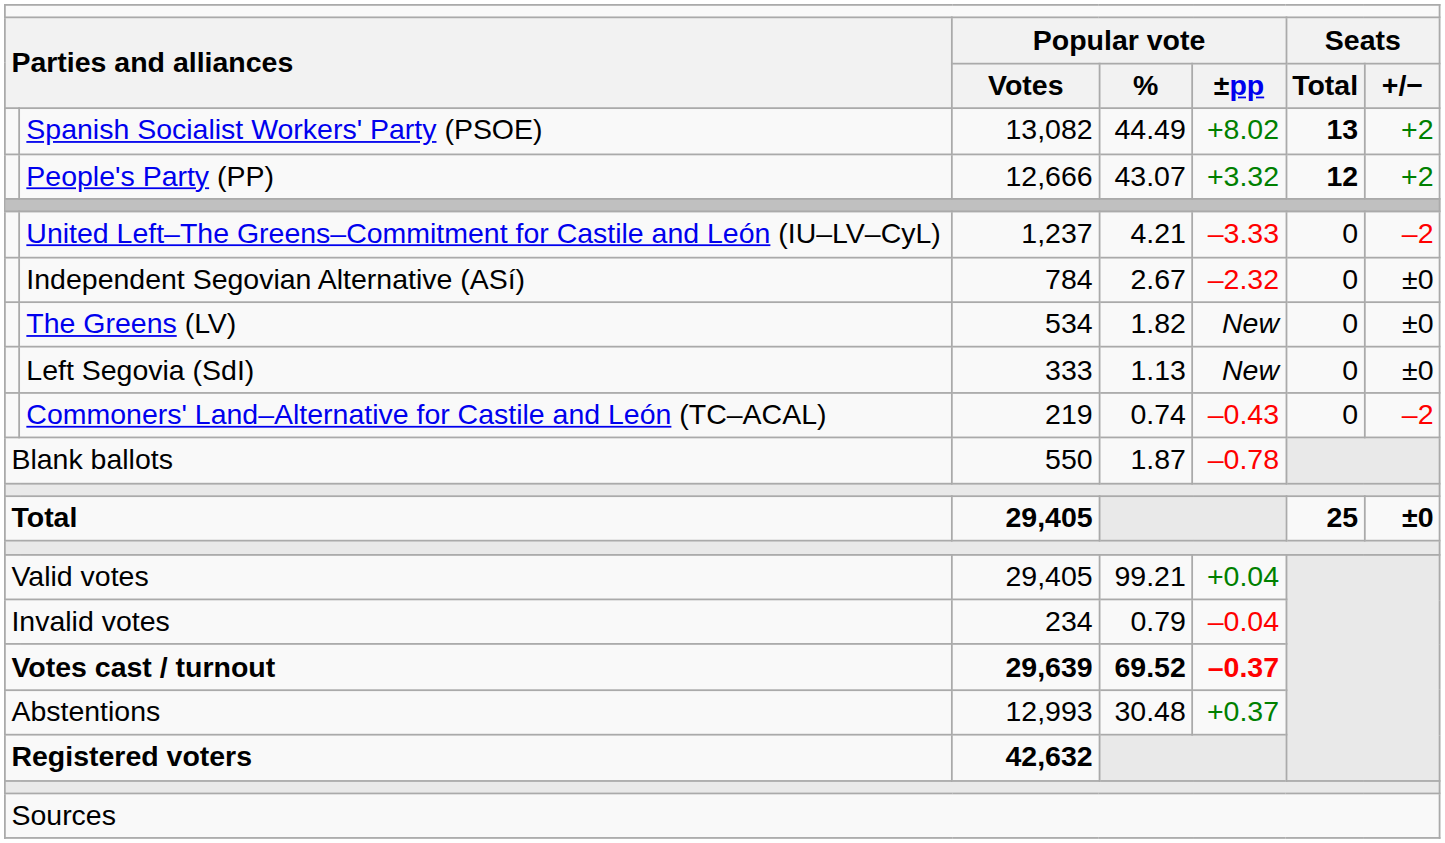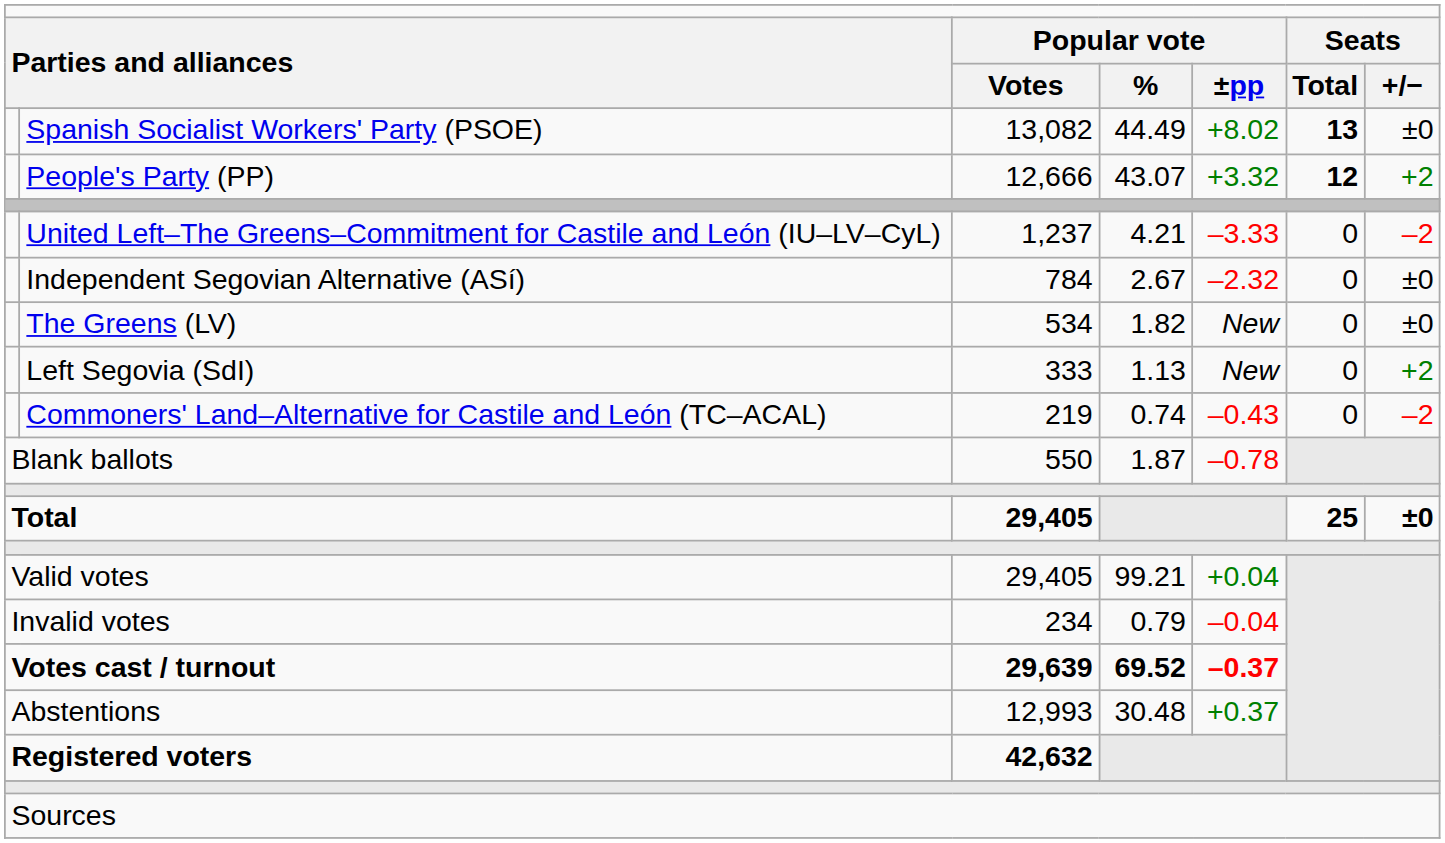 <table class="wikitable" style="text-align:right;">
 <tr>
 <td colspan="7"></td>
 </tr>
 <tr>
 <th style="text-align:left;" rowspan="2" colspan="2" width="525">Parties and alliances</th>
 <th colspan="3">Popular vote</th>
 <th colspan="2">Seats</th>
 </tr>
 <tr>
 <th width="75">Votes</th>
 <th width="45">%</th>
 <th width="45">±<a href='#'>pp</a></th>
 <th width="35">Total</th>
 <th width="35">+/−</th>
 </tr>
 <tr>
 <td width="1" style="color:inherit;background:"></td>
 <td align="left"><a href='#'>Spanish Socialist Workers' Party</a> (PSOE)</td>
 <td>13,082</td>
 <td>44.49</td>
 <td style="color:green;">+8.02</td>
 <td><strong>13</strong></td>
-<td style="color:green;">+2</td>
+<td>±0</td>
 </tr>
 <tr>
 <td style="color:inherit;background:"></td>
 <td align="left"><a href='#'>People's Party</a> (PP)</td>
 <td>12,666</td>
 <td>43.07</td>
 <td style="color:green;">+3.32</td>
 <td><strong>12</strong></td>
 <td style="color:green;">+2</td>
 </tr>
 <tr>
 <td colspan="7" bgcolor="#C0C0C0"></td>
 </tr>
 <tr>
 <td style="color:inherit;background:"></td>
 <td align="left"><a href='#'>United Left–The Greens–Commitment for Castile and León</a> (IU–LV–CyL)</td>
 <td>1,237</td>
 <td>4.21</td>
 <td style="color:red;">–3.33</td>
 <td>0</td>
 <td style="color:red;">–2</td>
 </tr>
 <tr>
 <td style="color:inherit;background:"></td>
 <td align="left">Independent Segovian Alternative (ASí)</td>
 <td>784</td>
 <td>2.67</td>
 <td style="color:red;">–2.32</td>
 <td>0</td>
 <td>±0</td>
 </tr>
 <tr>
 <td style="color:inherit;background:"></td>
 <td align="left"><a href='#'>The Greens</a> (LV)</td>
 <td>534</td>
 <td>1.82</td>
 <td><em>New</em></td>
 <td>0</td>
 <td>±0</td>
 </tr>
 <tr>
 <td style="color:inherit;background:"></td>
 <td align="left">Left Segovia (SdI)</td>
 <td>333</td>
 <td>1.13</td>
 <td><em>New</em></td>
 <td>0</td>
-<td>±0</td>
+<td style="color:green;">+2</td>
 </tr>
 <tr>
 <td style="color:inherit;background:"></td>
 <td align="left"><a href='#'>Commoners' Land–Alternative for Castile and León</a> (TC–ACAL)</td>
 <td>219</td>
 <td>0.74</td>
 <td style="color:red;">–0.43</td>
 <td>0</td>
 <td style="color:red;">–2</td>
 </tr>
 <tr>
 <td align="left" colspan="2">Blank ballots</td>
 <td>550</td>
 <td>1.87</td>
 <td style="color:red;">–0.78</td>
 <td bgcolor="#E9E9E9" colspan="2"></td>
 </tr>
 <tr>
 <td colspan="7" bgcolor="#E9E9E9"></td>
 </tr>
 <tr style="font-weight:bold;">
 <td align="left" colspan="2">Total</td>
 <td>29,405</td>
 <td bgcolor="#E9E9E9" colspan="2"></td>
 <td>25</td>
 <td>±0</td>
 </tr>
 <tr>
 <td colspan="7" bgcolor="#E9E9E9"></td>
 </tr>
 <tr>
 <td align="left" colspan="2">Valid votes</td>
 <td>29,405</td>
 <td>99.21</td>
 <td style="color:green;">+0.04</td>
 <td bgcolor="#E9E9E9" colspan="2" rowspan="5"></td>
 </tr>
 <tr>
 <td align="left" colspan="2">Invalid votes</td>
 <td>234</td>
 <td>0.79</td>
 <td style="color:red;">–0.04</td>
 </tr>
 <tr style="font-weight:bold;">
 <td align="left" colspan="2">Votes cast / turnout</td>
 <td>29,639</td>
 <td>69.52</td>
 <td style="color:red;">–0.37</td>
 </tr>
 <tr>
 <td align="left" colspan="2">Abstentions</td>
 <td>12,993</td>
 <td>30.48</td>
 <td style="color:green;">+0.37</td>
 </tr>
 <tr style="font-weight:bold;">
 <td align="left" colspan="2">Registered voters</td>
 <td>42,632</td>
 <td bgcolor="#E9E9E9" colspan="2"></td>
 </tr>
 <tr>
 <td colspan="7" bgcolor="#E9E9E9"></td>
 </tr>
 <tr>
 <td align="left" colspan="7">Sources</td>
 </tr>
 </table>
